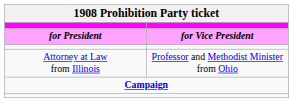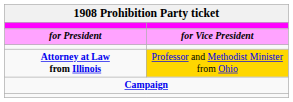 <table class="wikitable" style="font-size:90%; text-align:center;">
 <tr>
 <td style="background:#f1f1f1;" colspan="30"><big><strong>1908 Prohibition Party ticket</strong></big></td>
 </tr>
 <tr>
 <th style="width:3em; font-size:135%; background:#FF00FF; width:200px;"><a href='#'></a></th>
 <th style="width:3em; font-size:135%; background:#FF00FF; width:200px;"><a href='#'></a></th>
 </tr>
 <tr style="color:#000; font-size:100%; background:#ffa3ff;">
 <td style="width:3em; width:200px;"><strong><em>for President</em></strong></td>
 <td style="width:3em; width:200px;"><strong><em>for Vice President</em></strong></td>
 </tr>
 <tr>
 <td></td>
 <td></td>
 </tr>
 <tr>
-<td><a href='#'>Attorney at Law</a><br>from <a href='#'>Illinois</a></td>
-<td><a href='#'>Professor</a> and <a href='#'>Methodist Minister</a><br>from <a href='#'>Ohio</a></td>
+<td><strong><a href='#'>Attorney at Law</a><br>from <a href='#'>Illinois</a></strong></td>
+<td style="background: gold;"><a href='#'>Professor</a> and <a href='#'>Methodist Minister</a><br>from <a href='#'>Ohio</a></td>
 </tr>
 <tr>
 <td colspan=2><a href='#'><strong>Campaign</strong></a></td>
 </tr>
 <tr>
 <td colspan=2></td>
 </tr>
 </table>
